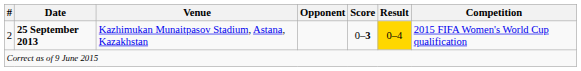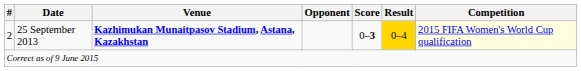 <table class="wikitable">
 <tr>
 <th>#</th>
 <th>Date</th>
 <th>Venue</th>
 <th>Opponent</th>
 <th>Score</th>
 <th>Result</th>
 <th>Competition</th>
 </tr>
 <tr>
 <td align="center">2</td>
-<td><strong>25 September 2013</strong></td>
-<td><a href='#'>Kazhimukan Munaitpasov Stadium</a>, <a href='#'>Astana</a>, <a href='#'>Kazakhstan</a></td>
+<td>25 September 2013</td>
+<td><strong><a href='#'>Kazhimukan Munaitpasov Stadium</a>, <a href='#'>Astana</a>, <a href='#'>Kazakhstan</a></strong></td>
 <td></td>
 <td align="center">0–<strong>3</strong></td>
 <td align="center" style="background: gold;">0–4</td>
-<td><a href='#'>2015 FIFA Women's World Cup qualification</a></td>
+<td style="background: lightyellow;"><a href='#'>2015 FIFA Women's World Cup qualification</a></td>
 </tr>
 <tr>
 <td colspan="12"><small><em>Correct as of 9 June 2015</em></small></td>
 </tr>
 </table>
